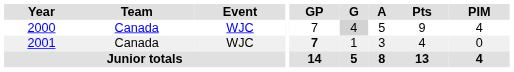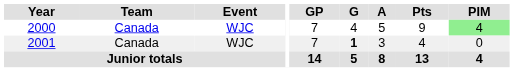 <table border="0" cellpadding="1" cellspacing="0" ID="Table3" style="text-align:center; width:40em">
 <tr ALIGN="center" bgcolor="#e0e0e0">
 <th>Year</th>
 <th>Team</th>
 <th>Event</th>
 <th rowspan="99" bgcolor="#ffffff"></th>
 <th>GP</th>
 <th>G</th>
 <th>A</th>
 <th>Pts</th>
 <th>PIM</th>
 </tr>
 <tr>
 <td><a href='#'>2000</a></td>
 <td><a href='#'>Canada</a></td>
 <td><a href='#'>WJC</a></td>
 <td>7</td>
-<td style="background: lightgrey;">4</td>
+<td>4</td>
 <td>5</td>
 <td>9</td>
-<td>4</td>
+<td style="background: lightgreen;">4</td>
 </tr>
 <tr bgcolor="#f0f0f0">
 <td><a href='#'>2001</a></td>
 <td>Canada</td>
 <td>WJC</td>
-<td><strong>7</strong></td>
-<td>1</td>
+<td>7</td>
+<td><strong>1</strong></td>
 <td>3</td>
 <td>4</td>
 <td>0</td>
 </tr>
 <tr bgcolor="#e0e0e0">
 <th colspan="3">Junior totals</th>
 <th>14</th>
 <th>5</th>
 <th>8</th>
 <th>13</th>
 <th>4</th>
 </tr>
 </table>
